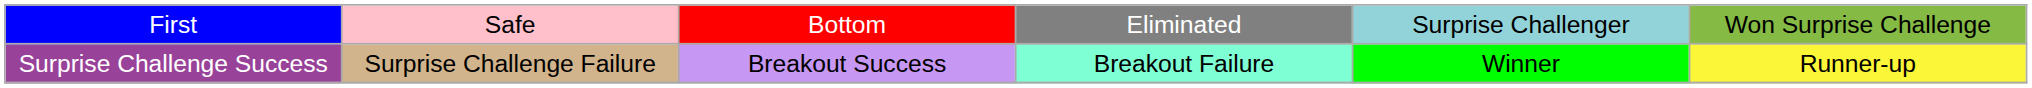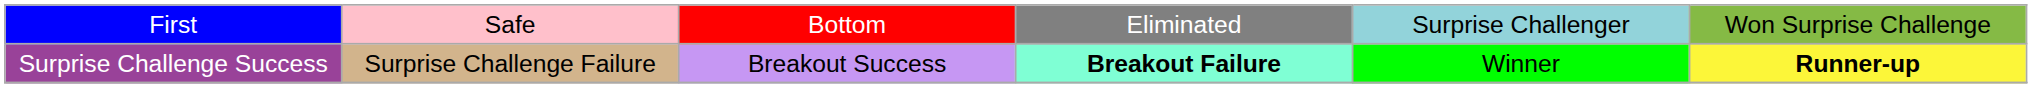 <table class="wikitable" style="text-align:center; font-size: 95%;">
 <tr>
 <td style="background:blue; color: white; width:7%">First</td>
 <td style="background:pink; width:7%">Safe</td>
 <td style="background:red; color:white; width:7%">Bottom</td>
 <td style="background:grey; color:white; width:7%">Eliminated</td>
 <td style="background:#92D3DA; width:7%">Surprise Challenger</td>
 <td style="background:#85BA45; width:7%">Won Surprise Challenge </td>
 </tr>
 <tr>
 <td style="background:#994299; color:white; width:7%">Surprise Challenge Success</td>
 <td style="background:tan; width:7%">Surprise Challenge Failure</td>
 <td style="background:#C697F3; width:7%">Breakout Success</td>
-<td style="background:#7FFFD4; width:7%">Breakout Failure</td>
+<td style="background:#7FFFD4; width:7%"><strong>Breakout Failure</strong></td>
 <td style="background:lime; width:7%">Winner</td>
-<td style="background:#FCF639; width:7%; color: black;">Runner-up</td>
+<td style="background:#FCF639; width:7%; color: black;"><strong>Runner-up</strong></td>
 </tr>
 <tr>
 </tr>
 </table>
